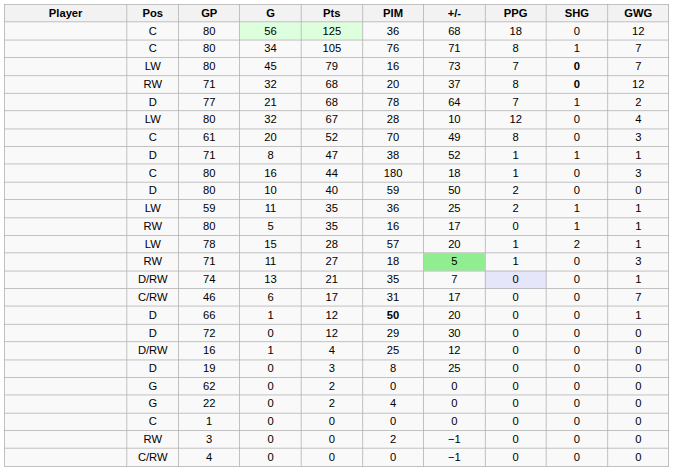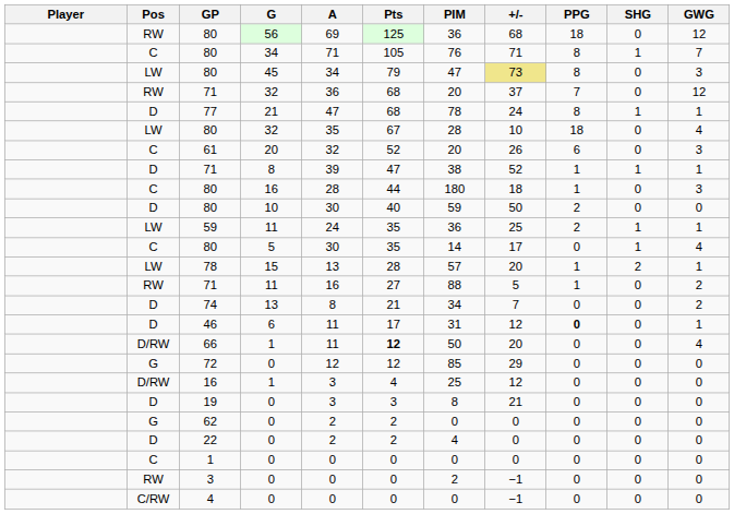 <table class="wikitable sortable" width="60%">
 <tr ALIGN="center">
 <th bgcolor="#DDDDFF" width="10%">Player</th>
 <th bgcolor="#DDDDFF" width="3%" title="Position">Pos</th>
 <th bgcolor="#DDDDFF" width="5%" title="Games played">GP</th>
 <th bgcolor="#DDDDFF" width="5%" title="Goals">G</th>
+<th bgcolor="#DDDDFF" width="5%" title="Assists">A</th>
 <th bgcolor="#DDDDFF" width="5%" title="Points">Pts</th>
 <th bgcolor="#DDDDFF" width="5%" title="Penalties in Minutes">PIM</th>
 <th bgcolor="#DDDDFF" width="5%" title="Plus/Minus">+/-</th>
 <th bgcolor="#DDDDFF" width="5%" title="Power Play Goals">PPG</th>
 <th bgcolor="#DDDDFF" width="5%" title="Short-handed Goals">SHG</th>
 <th bgcolor="#DDDDFF" width="5%" title="Game-winning Goals">GWG</th>
 </tr>
 <tr align="center">
 <td align="right"></td>
-<td>C</td>
+<td>RW</td>
 <td>80</td>
 <td style="background:#DDFFDD;">56</td>
+<td>69</td>
 <td style="background:#DDFFDD;">125</td>
 <td>36</td>
 <td>68</td>
 <td>18</td>
 <td>0</td>
 <td>12</td>
 </tr>
 <tr align="center">
 <td align="right"></td>
 <td>C</td>
 <td>80</td>
 <td>34</td>
+<td>71</td>
 <td>105</td>
 <td>76</td>
 <td>71</td>
 <td>8</td>
 <td>1</td>
 <td>7</td>
 </tr>
 <tr align="center">
 <td align="right"></td>
 <td>LW</td>
 <td>80</td>
 <td>45</td>
+<td>34</td>
 <td>79</td>
-<td>16</td>
-<td>73</td>
-<td>7</td>
-<td><strong>0</strong></td>
-<td>7</td>
+<td>47</td>
+<td style="background: khaki;">73</td>
+<td>8</td>
+<td>0</td>
+<td>3</td>
 </tr>
 <tr align="center">
 <td align="right"></td>
 <td>RW</td>
 <td>71</td>
 <td>32</td>
+<td>36</td>
 <td>68</td>
 <td>20</td>
 <td>37</td>
-<td>8</td>
-<td><strong>0</strong></td>
+<td>7</td>
+<td>0</td>
 <td>12</td>
 </tr>
 <tr align="center">
 <td align="right"></td>
 <td>D</td>
 <td>77</td>
 <td>21</td>
+<td>47</td>
 <td>68</td>
 <td>78</td>
-<td>64</td>
-<td>7</td>
+<td>24</td>
+<td>8</td>
 <td>1</td>
-<td>2</td>
+<td>1</td>
 </tr>
 <tr align="center">
 <td align="right"></td>
 <td>LW</td>
 <td>80</td>
 <td>32</td>
+<td>35</td>
 <td>67</td>
 <td>28</td>
 <td>10</td>
-<td>12</td>
+<td>18</td>
 <td>0</td>
 <td>4</td>
 </tr>
 <tr align="center">
 <td align="right"></td>
 <td>C</td>
 <td>61</td>
 <td>20</td>
+<td>32</td>
 <td>52</td>
-<td>70</td>
-<td>49</td>
-<td>8</td>
+<td>20</td>
+<td>26</td>
+<td>6</td>
 <td>0</td>
 <td>3</td>
 </tr>
 <tr align="center">
 <td align="right"></td>
 <td>D</td>
 <td>71</td>
 <td>8</td>
+<td>39</td>
 <td>47</td>
 <td>38</td>
 <td>52</td>
 <td>1</td>
 <td>1</td>
 <td>1</td>
 </tr>
 <tr align="center">
 <td align="right"></td>
 <td>C</td>
 <td>80</td>
 <td>16</td>
+<td>28</td>
 <td>44</td>
 <td>180</td>
 <td>18</td>
 <td>1</td>
 <td>0</td>
 <td>3</td>
 </tr>
 <tr align="center">
 <td align="right"></td>
 <td>D</td>
 <td>80</td>
 <td>10</td>
+<td>30</td>
 <td>40</td>
 <td>59</td>
 <td>50</td>
 <td>2</td>
 <td>0</td>
 <td>0</td>
 </tr>
 <tr align="center">
 <td align="right"></td>
 <td>LW</td>
 <td>59</td>
 <td>11</td>
+<td>24</td>
 <td>35</td>
 <td>36</td>
 <td>25</td>
 <td>2</td>
 <td>1</td>
 <td>1</td>
 </tr>
 <tr align="center">
 <td align="right"></td>
-<td>RW</td>
+<td>C</td>
 <td>80</td>
 <td>5</td>
+<td>30</td>
 <td>35</td>
-<td>16</td>
+<td>14</td>
 <td>17</td>
 <td>0</td>
 <td>1</td>
-<td>1</td>
+<td>4</td>
 </tr>
 <tr align="center">
 <td align="right"></td>
 <td>LW</td>
 <td>78</td>
 <td>15</td>
+<td>13</td>
 <td>28</td>
 <td>57</td>
 <td>20</td>
 <td>1</td>
 <td>2</td>
 <td>1</td>
 </tr>
 <tr align="center">
 <td align="right"></td>
 <td>RW</td>
 <td>71</td>
 <td>11</td>
+<td>16</td>
 <td>27</td>
-<td>18</td>
-<td style="background: lightgreen;">5</td>
+<td>88</td>
+<td>5</td>
 <td>1</td>
 <td>0</td>
-<td>3</td>
+<td>2</td>
 </tr>
 <tr align="center">
 <td align="right"></td>
-<td>D/RW</td>
+<td>D</td>
 <td>74</td>
 <td>13</td>
+<td>8</td>
 <td>21</td>
-<td>35</td>
+<td>34</td>
 <td>7</td>
-<td style="background: lavender;">0</td>
+<td>0</td>
+<td>0</td>
+<td>2</td>
+</tr>
+<tr align="center">
+<td align="right"></td>
+<td>D</td>
+<td>46</td>
+<td>6</td>
+<td>11</td>
+<td>17</td>
+<td>31</td>
+<td>12</td>
+<td><strong>0</strong></td>
 <td>0</td>
 <td>1</td>
 </tr>
 <tr align="center">
 <td align="right"></td>
-<td>C/RW</td>
-<td>46</td>
-<td>6</td>
-<td>17</td>
-<td>31</td>
-<td>17</td>
+<td>D/RW</td>
+<td>66</td>
+<td>1</td>
+<td>11</td>
+<td><strong>12</strong></td>
+<td>50</td>
+<td>20</td>
 <td>0</td>
 <td>0</td>
-<td>7</td>
+<td>4</td>
 </tr>
 <tr align="center">
 <td align="right"></td>
-<td>D</td>
-<td>66</td>
-<td>1</td>
-<td>12</td>
-<td><strong>50</strong></td>
-<td>20</td>
-<td>0</td>
-<td>0</td>
-<td>1</td>
-</tr>
-<tr align="center">
-<td align="right"></td>
-<td>D</td>
+<td>G</td>
 <td>72</td>
 <td>0</td>
 <td>12</td>
+<td>12</td>
+<td>85</td>
 <td>29</td>
-<td>30</td>
 <td>0</td>
 <td>0</td>
 <td>0</td>
 </tr>
 <tr align="center">
 <td align="right"></td>
 <td>D/RW</td>
 <td>16</td>
 <td>1</td>
+<td>3</td>
 <td>4</td>
 <td>25</td>
 <td>12</td>
 <td>0</td>
 <td>0</td>
 <td>0</td>
 </tr>
 <tr align="center">
 <td align="right"></td>
 <td>D</td>
 <td>19</td>
 <td>0</td>
 <td>3</td>
+<td>3</td>
 <td>8</td>
-<td>25</td>
+<td>21</td>
 <td>0</td>
 <td>0</td>
 <td>0</td>
 </tr>
 <tr align="center">
 <td align="right"></td>
 <td>G</td>
 <td>62</td>
 <td>0</td>
 <td>2</td>
+<td>2</td>
 <td>0</td>
 <td>0</td>
 <td>0</td>
 <td>0</td>
 <td>0</td>
 </tr>
 <tr align="center">
 <td align="right"></td>
-<td>G</td>
+<td>D</td>
 <td>22</td>
 <td>0</td>
+<td>2</td>
 <td>2</td>
 <td>4</td>
 <td>0</td>
 <td>0</td>
 <td>0</td>
 <td>0</td>
 </tr>
 <tr align="center">
 <td align="right"></td>
 <td>C</td>
 <td>1</td>
 <td>0</td>
 <td>0</td>
 <td>0</td>
 <td>0</td>
 <td>0</td>
 <td>0</td>
 <td>0</td>
+<td>0</td>
 </tr>
 <tr align="center">
 <td align="right"></td>
 <td>RW</td>
 <td>3</td>
+<td>0</td>
 <td>0</td>
 <td>0</td>
 <td>2</td>
 <td>−1</td>
 <td>0</td>
 <td>0</td>
 <td>0</td>
 </tr>
 <tr align="center">
 <td align="right"></td>
 <td>C/RW</td>
 <td>4</td>
 <td>0</td>
 <td>0</td>
 <td>0</td>
+<td>0</td>
 <td>−1</td>
 <td>0</td>
 <td>0</td>
 <td>0</td>
 </tr>
 </table>
